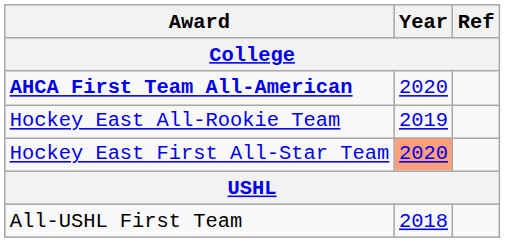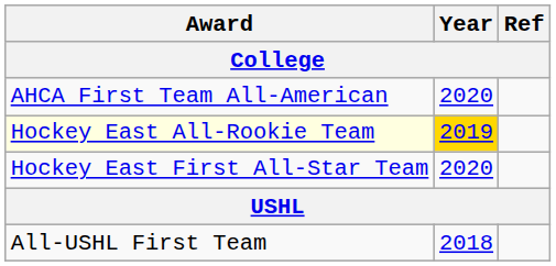 <table class="wikitable">
 <tr>
 <th>Award</th>
 <th>Year</th>
 <th>Ref</th>
 </tr>
 <tr>
 <th colspan="3"><a href='#'>College</a></th>
 </tr>
 <tr>
-<td><strong><a href='#'>AHCA First Team All-American</a></strong></td>
+<td><a href='#'>AHCA First Team All-American</a></td>
 <td><a href='#'>2020</a></td>
 <td></td>
 </tr>
 <tr>
-<td><a href='#'>Hockey East All-Rookie Team</a></td>
-<td><a href='#'>2019</a></td>
+<td style="background: lightyellow;"><a href='#'>Hockey East All-Rookie Team</a></td>
+<td style="background: gold;"><a href='#'>2019</a></td>
 <td></td>
 </tr>
 <tr>
 <td><a href='#'>Hockey East First All-Star Team</a></td>
-<td style="background: lightsalmon;"><a href='#'>2020</a></td>
+<td><a href='#'>2020</a></td>
 <td></td>
 </tr>
 <tr>
 <th colspan="3"><a href='#'>USHL</a></th>
 </tr>
 <tr>
 <td>All-USHL First Team</td>
 <td><a href='#'>2018</a></td>
 <td></td>
 </tr>
 </table>
